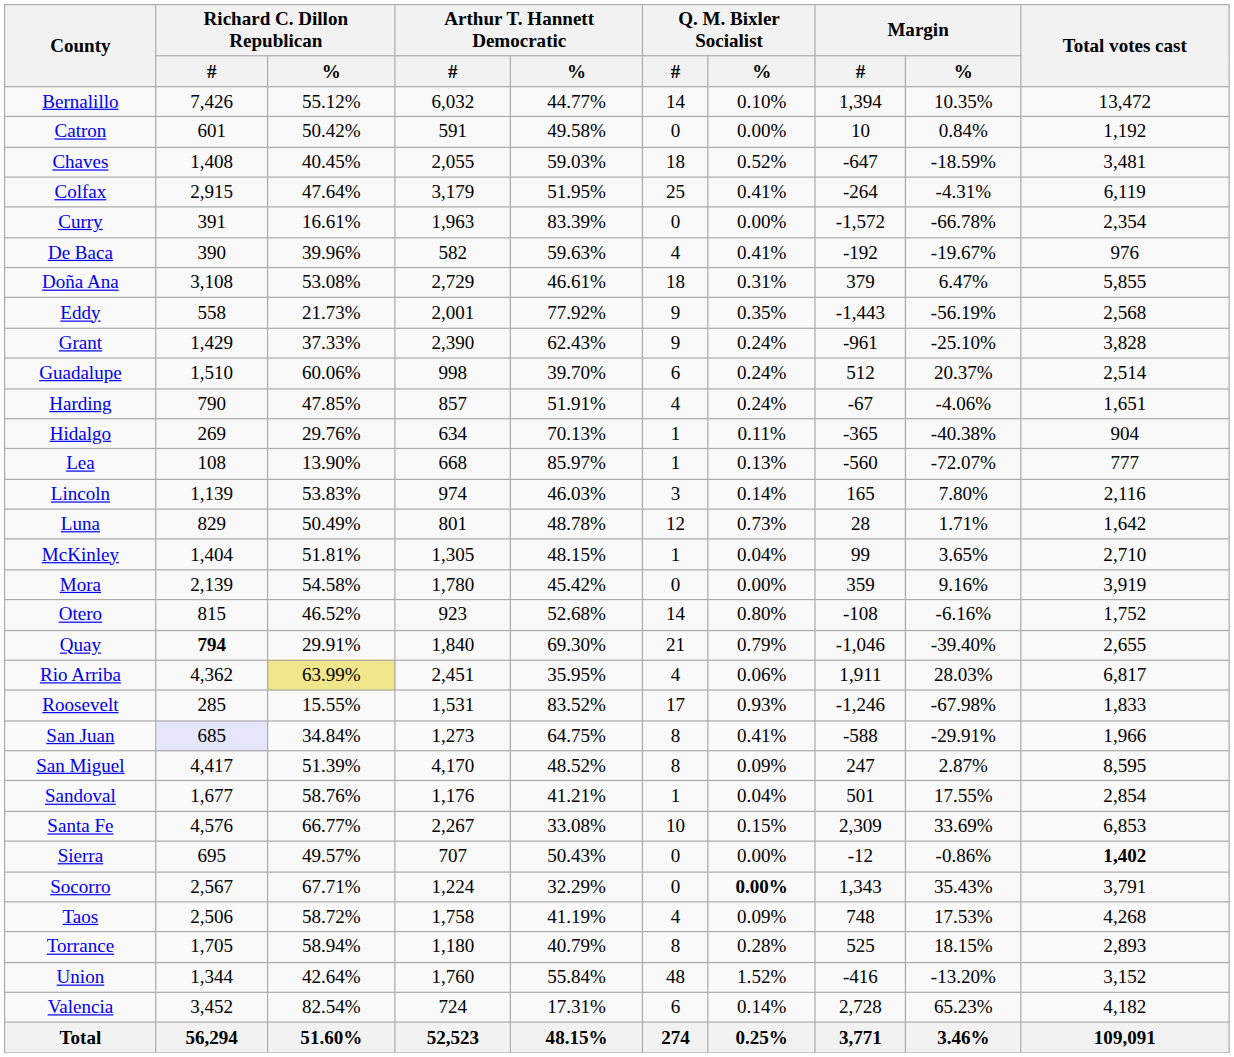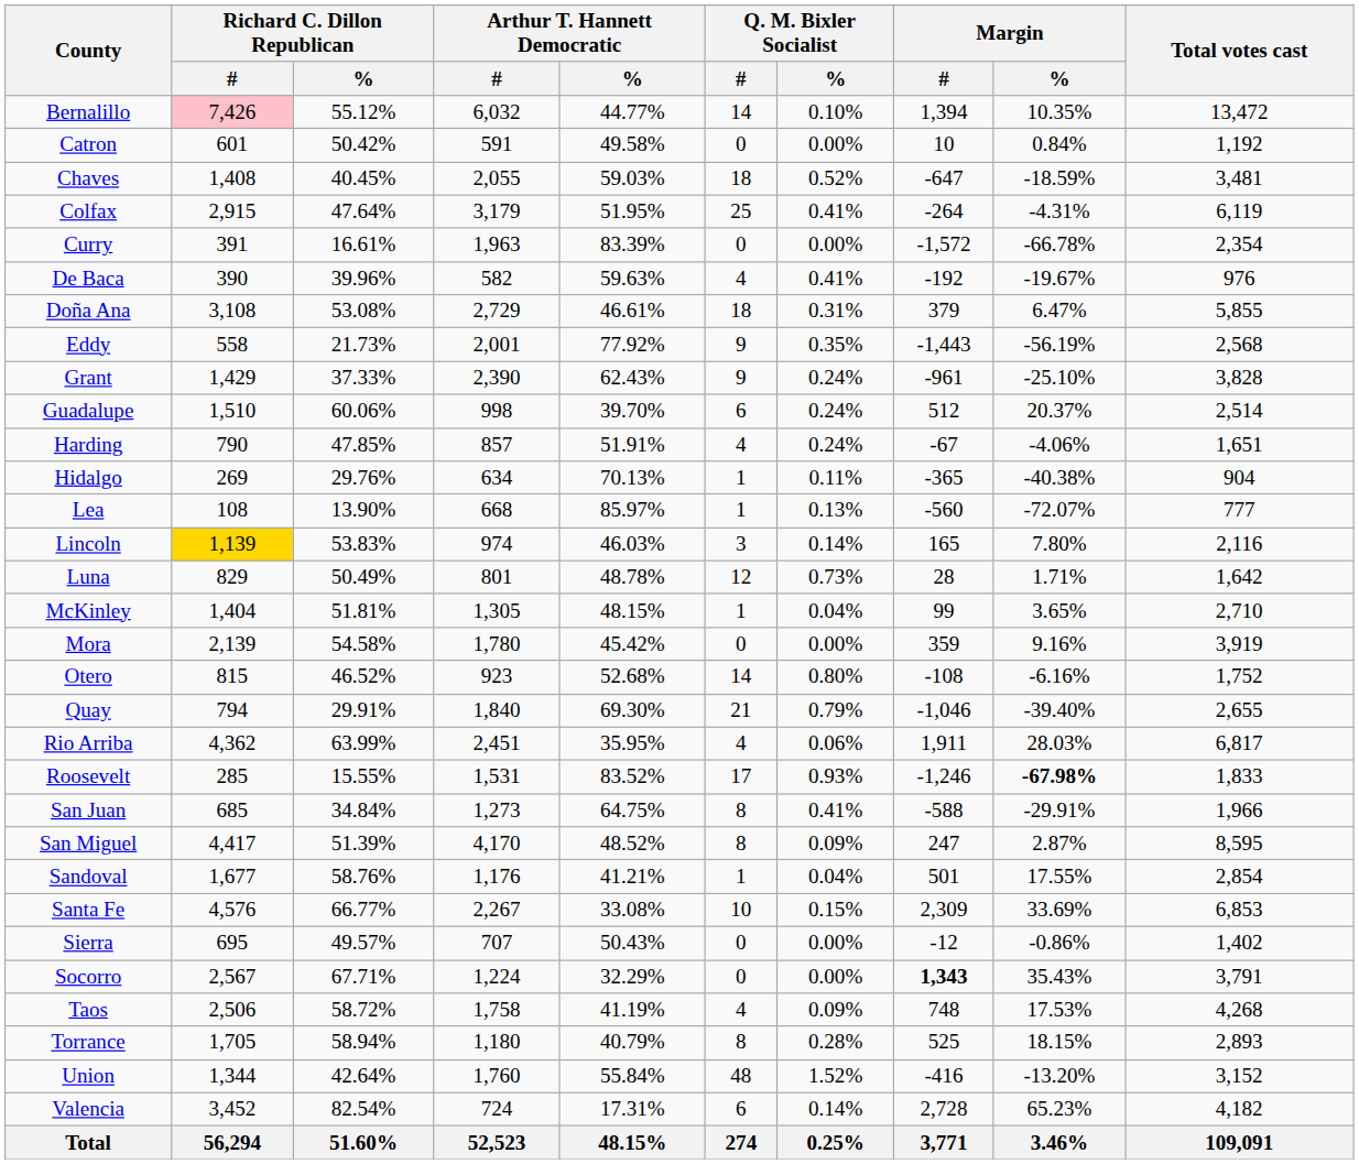 <table width="65%" class="wikitable sortable" style="text-align:center">
 <tr>
 <th style="text-align:center;" rowspan="2">County</th>
 <th style="text-align:center;" colspan="2">Richard C. Dillon<br>Republican</th>
 <th style="text-align:center;" colspan="2">Arthur T. Hannett<br>Democratic</th>
 <th style="text-align:center;" colspan="2">Q. M. Bixler<br>Socialist</th>
 <th style="text-align:center;" colspan="2">Margin</th>
 <th style="text-align:center;" rowspan="2">Total votes cast</th>
 </tr>
 <tr>
 <th style="text-align:center;" data-sort-type="number">#</th>
 <th style="text-align:center;" data-sort-type="number">%</th>
 <th style="text-align:center;" data-sort-type="number">#</th>
 <th style="text-align:center;" data-sort-type="number">%</th>
 <th style="text-align:center;" data-sort-type="number">#</th>
 <th style="text-align:center;" data-sort-type="number">%</th>
 <th style="text-align:center;" data-sort-type="number">#</th>
 <th style="text-align:center;" data-sort-type="number">%</th>
 </tr>
 <tr style="text-align:center;">
 <td><a href='#'>Bernalillo</a></td>
-<td>7,426</td>
+<td style="background: pink;">7,426</td>
 <td>55.12%</td>
 <td>6,032</td>
 <td>44.77%</td>
 <td>14</td>
 <td>0.10%</td>
 <td>1,394</td>
 <td>10.35%</td>
 <td>13,472</td>
 </tr>
 <tr style="text-align:center;">
 <td><a href='#'>Catron</a></td>
 <td>601</td>
 <td>50.42%</td>
 <td>591</td>
 <td>49.58%</td>
 <td>0</td>
 <td>0.00%</td>
 <td>10</td>
 <td>0.84%</td>
 <td>1,192</td>
 </tr>
 <tr style="text-align:center;">
 <td><a href='#'>Chaves</a></td>
 <td>1,408</td>
 <td>40.45%</td>
 <td>2,055</td>
 <td>59.03%</td>
 <td>18</td>
 <td>0.52%</td>
 <td>-647</td>
 <td>-18.59%</td>
 <td>3,481</td>
 </tr>
 <tr style="text-align:center;">
 <td><a href='#'>Colfax</a></td>
 <td>2,915</td>
 <td>47.64%</td>
 <td>3,179</td>
 <td>51.95%</td>
 <td>25</td>
 <td>0.41%</td>
 <td>-264</td>
 <td>-4.31%</td>
 <td>6,119</td>
 </tr>
 <tr style="text-align:center;">
 <td><a href='#'>Curry</a></td>
 <td>391</td>
 <td>16.61%</td>
 <td>1,963</td>
 <td>83.39%</td>
 <td>0</td>
 <td>0.00%</td>
 <td>-1,572</td>
 <td>-66.78%</td>
 <td>2,354</td>
 </tr>
 <tr style="text-align:center;">
 <td><a href='#'>De Baca</a></td>
 <td>390</td>
 <td>39.96%</td>
 <td>582</td>
 <td>59.63%</td>
 <td>4</td>
 <td>0.41%</td>
 <td>-192</td>
 <td>-19.67%</td>
 <td>976</td>
 </tr>
 <tr style="text-align:center;">
 <td><a href='#'>Doña Ana</a></td>
 <td>3,108</td>
 <td>53.08%</td>
 <td>2,729</td>
 <td>46.61%</td>
 <td>18</td>
 <td>0.31%</td>
 <td>379</td>
 <td>6.47%</td>
 <td>5,855</td>
 </tr>
 <tr style="text-align:center;">
 <td><a href='#'>Eddy</a></td>
 <td>558</td>
 <td>21.73%</td>
 <td>2,001</td>
 <td>77.92%</td>
 <td>9</td>
 <td>0.35%</td>
 <td>-1,443</td>
 <td>-56.19%</td>
 <td>2,568</td>
 </tr>
 <tr style="text-align:center;">
 <td><a href='#'>Grant</a></td>
 <td>1,429</td>
 <td>37.33%</td>
 <td>2,390</td>
 <td>62.43%</td>
 <td>9</td>
 <td>0.24%</td>
 <td>-961</td>
 <td>-25.10%</td>
 <td>3,828</td>
 </tr>
 <tr style="text-align:center;">
 <td><a href='#'>Guadalupe</a></td>
 <td>1,510</td>
 <td>60.06%</td>
 <td>998</td>
 <td>39.70%</td>
 <td>6</td>
 <td>0.24%</td>
 <td>512</td>
 <td>20.37%</td>
 <td>2,514</td>
 </tr>
 <tr style="text-align:center;">
 <td><a href='#'>Harding</a></td>
 <td>790</td>
 <td>47.85%</td>
 <td>857</td>
 <td>51.91%</td>
 <td>4</td>
 <td>0.24%</td>
 <td>-67</td>
 <td>-4.06%</td>
 <td>1,651</td>
 </tr>
 <tr style="text-align:center;">
 <td><a href='#'>Hidalgo</a></td>
 <td>269</td>
 <td>29.76%</td>
 <td>634</td>
 <td>70.13%</td>
 <td>1</td>
 <td>0.11%</td>
 <td>-365</td>
 <td>-40.38%</td>
 <td>904</td>
 </tr>
 <tr style="text-align:center;">
 <td><a href='#'>Lea</a></td>
 <td>108</td>
 <td>13.90%</td>
 <td>668</td>
 <td>85.97%</td>
 <td>1</td>
 <td>0.13%</td>
 <td>-560</td>
 <td>-72.07%</td>
 <td>777</td>
 </tr>
 <tr style="text-align:center;">
 <td><a href='#'>Lincoln</a></td>
-<td>1,139</td>
+<td style="background: gold;">1,139</td>
 <td>53.83%</td>
 <td>974</td>
 <td>46.03%</td>
 <td>3</td>
 <td>0.14%</td>
 <td>165</td>
 <td>7.80%</td>
 <td>2,116</td>
 </tr>
 <tr style="text-align:center;">
 <td><a href='#'>Luna</a></td>
 <td>829</td>
 <td>50.49%</td>
 <td>801</td>
 <td>48.78%</td>
 <td>12</td>
 <td>0.73%</td>
 <td>28</td>
 <td>1.71%</td>
 <td>1,642</td>
 </tr>
 <tr style="text-align:center;">
 <td><a href='#'>McKinley</a></td>
 <td>1,404</td>
 <td>51.81%</td>
 <td>1,305</td>
 <td>48.15%</td>
 <td>1</td>
 <td>0.04%</td>
 <td>99</td>
 <td>3.65%</td>
 <td>2,710</td>
 </tr>
 <tr style="text-align:center;">
 <td><a href='#'>Mora</a></td>
 <td>2,139</td>
 <td>54.58%</td>
 <td>1,780</td>
 <td>45.42%</td>
 <td>0</td>
 <td>0.00%</td>
 <td>359</td>
 <td>9.16%</td>
 <td>3,919</td>
 </tr>
 <tr style="text-align:center;">
 <td><a href='#'>Otero</a></td>
 <td>815</td>
 <td>46.52%</td>
 <td>923</td>
 <td>52.68%</td>
 <td>14</td>
 <td>0.80%</td>
 <td>-108</td>
 <td>-6.16%</td>
 <td>1,752</td>
 </tr>
 <tr style="text-align:center;">
 <td><a href='#'>Quay</a></td>
-<td><strong>794</strong></td>
+<td>794</td>
 <td>29.91%</td>
 <td>1,840</td>
 <td>69.30%</td>
 <td>21</td>
 <td>0.79%</td>
 <td>-1,046</td>
 <td>-39.40%</td>
 <td>2,655</td>
 </tr>
 <tr style="text-align:center;">
 <td><a href='#'>Rio Arriba</a></td>
 <td>4,362</td>
-<td style="background: khaki;">63.99%</td>
+<td>63.99%</td>
 <td>2,451</td>
 <td>35.95%</td>
 <td>4</td>
 <td>0.06%</td>
 <td>1,911</td>
 <td>28.03%</td>
 <td>6,817</td>
 </tr>
 <tr style="text-align:center;">
 <td><a href='#'>Roosevelt</a></td>
 <td>285</td>
 <td>15.55%</td>
 <td>1,531</td>
 <td>83.52%</td>
 <td>17</td>
 <td>0.93%</td>
 <td>-1,246</td>
-<td>-67.98%</td>
+<td><strong>-67.98%</strong></td>
 <td>1,833</td>
 </tr>
 <tr style="text-align:center;">
 <td><a href='#'>San Juan</a></td>
-<td style="background: lavender;">685</td>
+<td>685</td>
 <td>34.84%</td>
 <td>1,273</td>
 <td>64.75%</td>
 <td>8</td>
 <td>0.41%</td>
 <td>-588</td>
 <td>-29.91%</td>
 <td>1,966</td>
 </tr>
 <tr style="text-align:center;">
 <td><a href='#'>San Miguel</a></td>
 <td>4,417</td>
 <td>51.39%</td>
 <td>4,170</td>
 <td>48.52%</td>
 <td>8</td>
 <td>0.09%</td>
 <td>247</td>
 <td>2.87%</td>
 <td>8,595</td>
 </tr>
 <tr style="text-align:center;">
 <td><a href='#'>Sandoval</a></td>
 <td>1,677</td>
 <td>58.76%</td>
 <td>1,176</td>
 <td>41.21%</td>
 <td>1</td>
 <td>0.04%</td>
 <td>501</td>
 <td>17.55%</td>
 <td>2,854</td>
 </tr>
 <tr style="text-align:center;">
 <td><a href='#'>Santa Fe</a></td>
 <td>4,576</td>
 <td>66.77%</td>
 <td>2,267</td>
 <td>33.08%</td>
 <td>10</td>
 <td>0.15%</td>
 <td>2,309</td>
 <td>33.69%</td>
 <td>6,853</td>
 </tr>
 <tr style="text-align:center;">
 <td><a href='#'>Sierra</a></td>
 <td>695</td>
 <td>49.57%</td>
 <td>707</td>
 <td>50.43%</td>
 <td>0</td>
 <td>0.00%</td>
 <td>-12</td>
 <td>-0.86%</td>
-<td><strong>1,402</strong></td>
+<td>1,402</td>
 </tr>
 <tr style="text-align:center;">
 <td><a href='#'>Socorro</a></td>
 <td>2,567</td>
 <td>67.71%</td>
 <td>1,224</td>
 <td>32.29%</td>
 <td>0</td>
-<td><strong>0.00%</strong></td>
-<td>1,343</td>
+<td>0.00%</td>
+<td><strong>1,343</strong></td>
 <td>35.43%</td>
 <td>3,791</td>
 </tr>
 <tr style="text-align:center;">
 <td><a href='#'>Taos</a></td>
 <td>2,506</td>
 <td>58.72%</td>
 <td>1,758</td>
 <td>41.19%</td>
 <td>4</td>
 <td>0.09%</td>
 <td>748</td>
 <td>17.53%</td>
 <td>4,268</td>
 </tr>
 <tr style="text-align:center;">
 <td><a href='#'>Torrance</a></td>
 <td>1,705</td>
 <td>58.94%</td>
 <td>1,180</td>
 <td>40.79%</td>
 <td>8</td>
 <td>0.28%</td>
 <td>525</td>
 <td>18.15%</td>
 <td>2,893</td>
 </tr>
 <tr style="text-align:center;">
 <td><a href='#'>Union</a></td>
 <td>1,344</td>
 <td>42.64%</td>
 <td>1,760</td>
 <td>55.84%</td>
 <td>48</td>
 <td>1.52%</td>
 <td>-416</td>
 <td>-13.20%</td>
 <td>3,152</td>
 </tr>
 <tr style="text-align:center;">
 <td><a href='#'>Valencia</a></td>
 <td>3,452</td>
 <td>82.54%</td>
 <td>724</td>
 <td>17.31%</td>
 <td>6</td>
 <td>0.14%</td>
 <td>2,728</td>
 <td>65.23%</td>
 <td>4,182</td>
 </tr>
 <tr style="text-align:center;">
 <th>Total</th>
 <th>56,294</th>
 <th>51.60%</th>
 <th>52,523</th>
 <th>48.15%</th>
 <th>274</th>
 <th>0.25%</th>
 <th>3,771</th>
 <th>3.46%</th>
 <th>109,091</th>
 </tr>
 </table>
